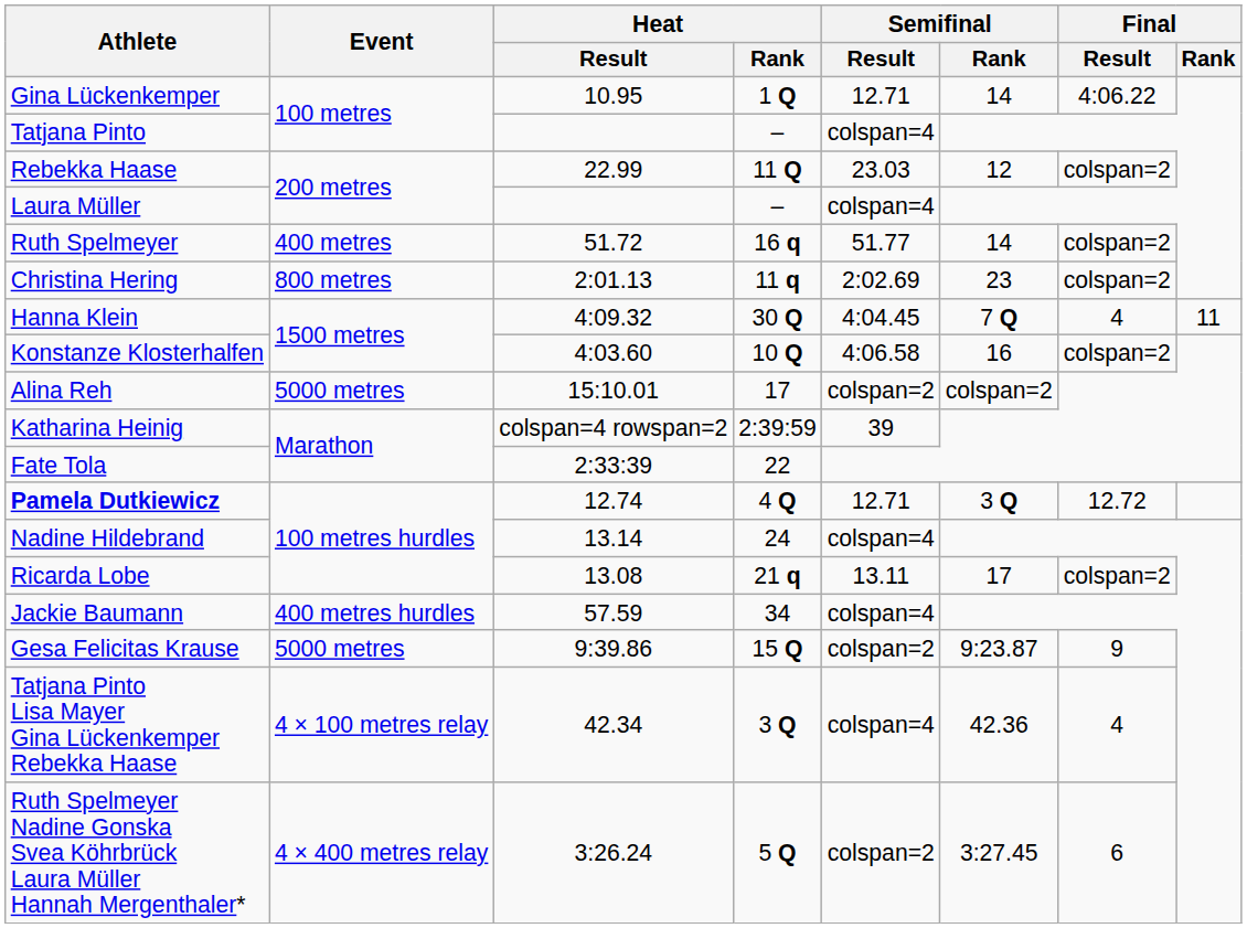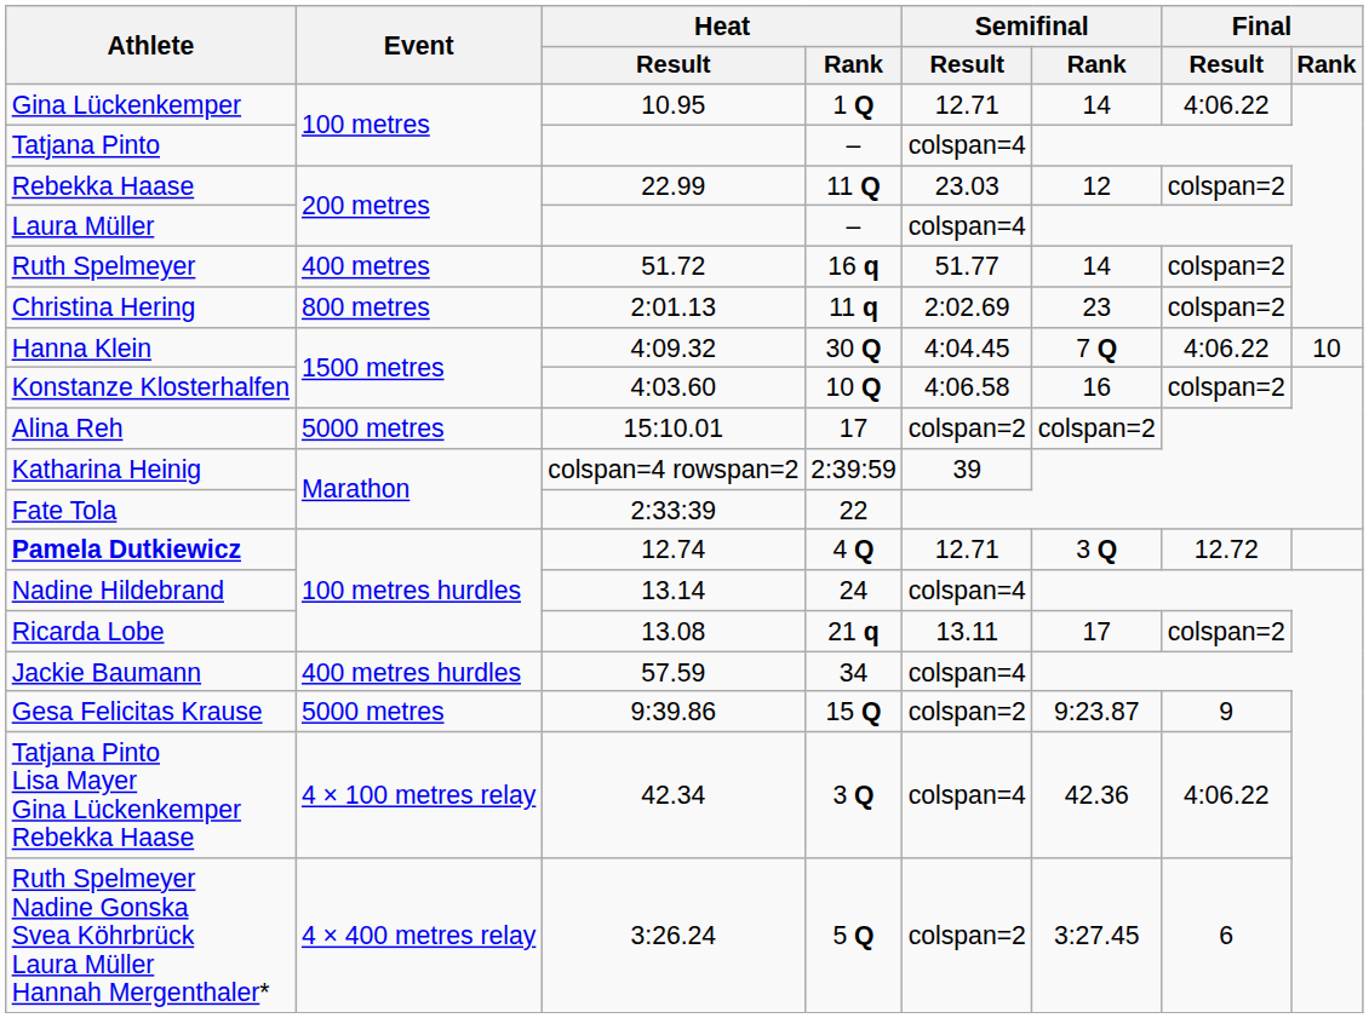 <table class=wikitable style=font-size:90%>
 <tr>
 <th rowspan=2>Athlete</th>
 <th rowspan=2>Event</th>
 <th colspan=2>Heat</th>
 <th colspan=2>Semifinal</th>
 <th colspan=2>Final</th>
 </tr>
 <tr style=font-size:95%>
 <th>Result</th>
 <th>Rank</th>
 <th>Result</th>
 <th>Rank</th>
 <th>Result</th>
 <th>Rank</th>
 </tr>
 <tr align=center>
 <td align=left><a href='#'>Gina Lückenkemper</a></td>
 <td align=left rowspan=2><a href='#'>100 metres</a></td>
 <td>10.95 <strong></strong></td>
 <td>1 <strong>Q</strong></td>
 <td>12.71</td>
 <td>14</td>
 <td>4:06.22</td>
 </tr>
 <tr align=center>
 <td align=left><a href='#'>Tatjana Pinto</a></td>
 <td></td>
 <td>–</td>
 <td>colspan=4 </td>
 </tr>
 <tr align=center>
 <td align=left><a href='#'>Rebekka Haase</a></td>
 <td align=left rowspan=2><a href='#'>200 metres</a></td>
 <td>22.99</td>
 <td>11 <strong>Q</strong></td>
 <td>23.03</td>
 <td>12</td>
 <td>colspan=2 </td>
 </tr>
 <tr align=center>
 <td align=left><a href='#'>Laura Müller</a></td>
 <td></td>
 <td>–</td>
 <td>colspan=4 </td>
 </tr>
 <tr align=center>
 <td align=left><a href='#'>Ruth Spelmeyer</a></td>
 <td align=left><a href='#'>400 metres</a></td>
 <td>51.72 <strong></strong></td>
 <td>16 <strong>q</strong></td>
 <td>51.77</td>
 <td>14</td>
 <td>colspan=2 </td>
 </tr>
 <tr align=center>
 <td align=left><a href='#'>Christina Hering</a></td>
 <td align=left><a href='#'>800 metres</a></td>
 <td>2:01.13</td>
 <td>11 <strong>q</strong></td>
 <td>2:02.69</td>
 <td>23</td>
 <td>colspan=2 </td>
 </tr>
 <tr align=center>
 <td align=left><a href='#'>Hanna Klein</a></td>
 <td align=left rowspan=2><a href='#'>1500 metres</a></td>
 <td>4:09.32</td>
 <td>30 <strong>Q</strong></td>
 <td>4:04.45</td>
 <td>7 <strong>Q</strong></td>
-<td>4</td>
-<td>11</td>
+<td>4:06.22</td>
+<td>10</td>
 </tr>
 <tr align=center>
 <td align=left><a href='#'>Konstanze Klosterhalfen</a></td>
 <td>4:03.60</td>
 <td>10 <strong>Q</strong></td>
 <td>4:06.58</td>
 <td>16</td>
 <td>colspan=2 </td>
 </tr>
 <tr align=center>
 <td align=left><a href='#'>Alina Reh</a></td>
 <td align=left><a href='#'>5000 metres</a></td>
 <td>15:10.01 <strong></strong></td>
 <td>17</td>
 <td>colspan=2 </td>
 <td>colspan=2 </td>
 </tr>
 <tr align=center>
 <td align=left><a href='#'>Katharina Heinig</a></td>
 <td align=left rowspan=2><a href='#'>Marathon</a></td>
 <td>colspan=4 rowspan=2 </td>
 <td>2:39:59 <strong></strong></td>
 <td>39</td>
 </tr>
 <tr align=center>
 <td align=left><a href='#'>Fate Tola</a></td>
 <td>2:33:39</td>
 <td>22</td>
 </tr>
 <tr align=center>
 <td align=left><strong><a href='#'>Pamela Dutkiewicz</a></strong></td>
 <td align=left rowspan=3><a href='#'>100 metres hurdles</a></td>
 <td>12.74</td>
 <td>4 <strong>Q</strong></td>
 <td>12.71</td>
 <td>3 <strong>Q</strong></td>
 <td>12.72</td>
 <td></td>
 </tr>
 <tr align=center>
 <td align=left><a href='#'>Nadine Hildebrand</a></td>
 <td>13.14</td>
 <td>24</td>
 <td>colspan=4 </td>
 </tr>
 <tr align=center>
 <td align=left><a href='#'>Ricarda Lobe</a></td>
 <td>13.08</td>
 <td>21 <strong>q</strong></td>
 <td>13.11</td>
 <td>17</td>
 <td>colspan=2 </td>
 </tr>
 <tr align=center>
 <td align=left><a href='#'>Jackie Baumann</a></td>
 <td align=left><a href='#'>400 metres hurdles</a></td>
 <td>57.59</td>
 <td>34</td>
 <td>colspan=4 </td>
 </tr>
 <tr align=center>
 <td align=left><a href='#'>Gesa Felicitas Krause</a></td>
 <td align=left><a href='#'>5000 metres</a></td>
 <td>9:39.86</td>
 <td>15 <strong>Q</strong></td>
 <td>colspan=2 </td>
 <td>9:23.87</td>
 <td>9</td>
 </tr>
 <tr align=center>
 <td align=left><a href='#'>Tatjana Pinto</a><br><a href='#'>Lisa Mayer</a><br><a href='#'>Gina Lückenkemper</a><br><a href='#'>Rebekka Haase</a></td>
 <td align=left><a href='#'>4 × 100 metres relay</a></td>
 <td>42.34</td>
 <td>3 <strong>Q</strong></td>
 <td>colspan=4 </td>
 <td>42.36</td>
-<td>4</td>
+<td>4:06.22</td>
 </tr>
 <tr align=center>
 <td align=left><a href='#'>Ruth Spelmeyer</a><br><a href='#'>Nadine Gonska</a><br><a href='#'>Svea Köhrbrück</a><br><a href='#'>Laura Müller</a><br><a href='#'>Hannah Mergenthaler</a>*</td>
 <td align=left><a href='#'>4 × 400 metres relay</a></td>
 <td>3:26.24 <strong></strong></td>
 <td>5 <strong>Q</strong></td>
 <td>colspan=2 </td>
 <td>3:27.45</td>
 <td>6</td>
 </tr>
 </table>
